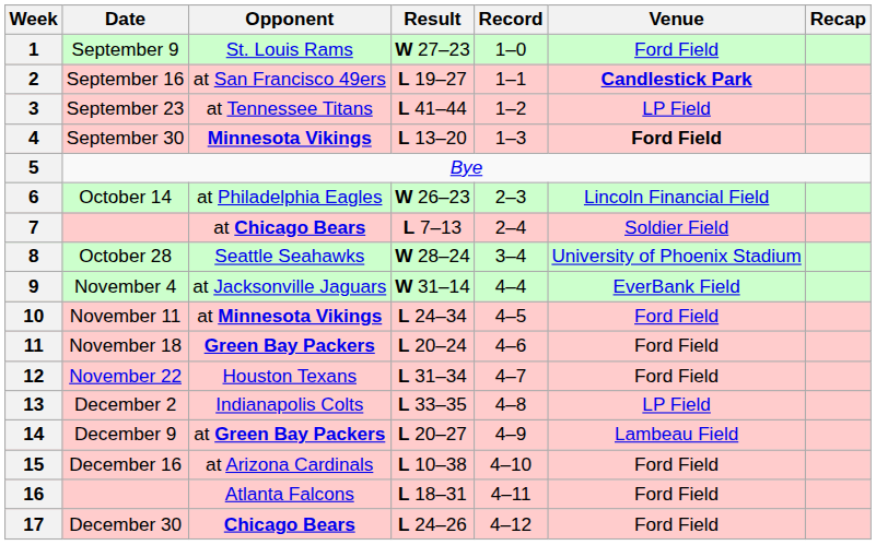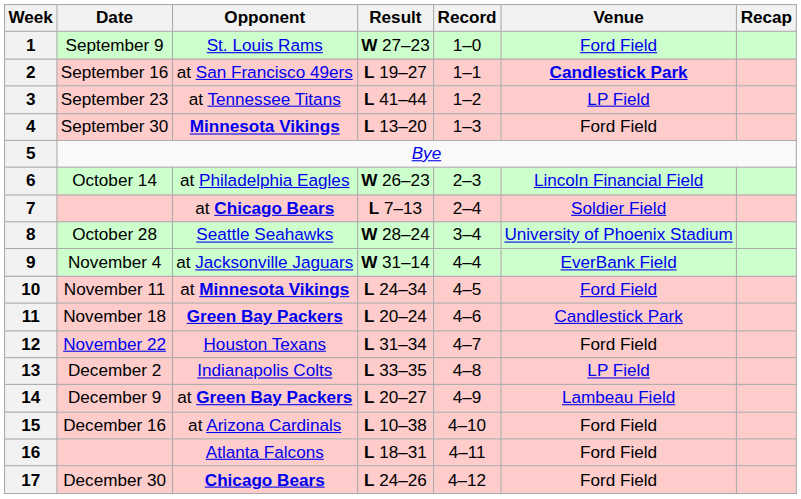 <table class="wikitable" style="text-align:center">
 <tr>
 <th>Week</th>
 <th>Date</th>
 <th>Opponent</th>
 <th>Result</th>
 <th>Record</th>
 <th>Venue</th>
 <th>Recap</th>
 </tr>
 <tr style="background:#cfc">
 <th>1</th>
 <td>September 9</td>
 <td><a href='#'>St. Louis Rams</a></td>
 <td><strong>W</strong> 27–23</td>
 <td>1–0</td>
 <td><a href='#'>Ford Field</a></td>
 <td></td>
 </tr>
 <tr style="background:#fcc">
 <th>2</th>
 <td>September 16</td>
 <td>at <a href='#'>San Francisco 49ers</a></td>
 <td><strong>L</strong> 19–27</td>
 <td>1–1</td>
 <td><strong><a href='#'>Candlestick Park</a></strong></td>
 <td></td>
 </tr>
 <tr style="background:#fcc">
 <th>3</th>
 <td>September 23</td>
 <td>at <a href='#'>Tennessee Titans</a></td>
 <td><strong>L</strong> 41–44 </td>
 <td>1–2</td>
 <td><a href='#'>LP Field</a></td>
 <td></td>
 </tr>
 <tr style="background:#fcc">
 <th>4</th>
 <td>September 30</td>
 <td><strong><a href='#'>Minnesota Vikings</a></strong></td>
 <td><strong>L</strong> 13–20</td>
 <td>1–3</td>
-<td><strong>Ford Field</strong></td>
+<td>Ford Field</td>
 <td></td>
 </tr>
 <tr>
 <th>5</th>
 <td colspan="6"><em><a href='#'>Bye</a></em></td>
 </tr>
 <tr style="background:#cfc">
 <th>6</th>
 <td>October 14</td>
 <td>at <a href='#'>Philadelphia Eagles</a></td>
 <td><strong>W</strong> 26–23 </td>
 <td>2–3</td>
 <td><a href='#'>Lincoln Financial Field</a></td>
 <td></td>
 </tr>
 <tr style="background:#fcc">
 <th>7</th>
 <td></td>
 <td>at <strong><a href='#'>Chicago Bears</a></strong></td>
 <td><strong>L</strong> 7–13</td>
 <td>2–4</td>
 <td><a href='#'>Soldier Field</a></td>
 <td></td>
 </tr>
 <tr style="background:#cfc">
 <th>8</th>
 <td>October 28</td>
 <td><a href='#'>Seattle Seahawks</a></td>
 <td><strong>W</strong> 28–24</td>
 <td>3–4</td>
 <td><a href='#'>University of Phoenix Stadium</a></td>
 <td></td>
 </tr>
 <tr style="background:#cfc">
 <th>9</th>
 <td>November 4</td>
 <td>at <a href='#'>Jacksonville Jaguars</a></td>
 <td><strong>W</strong> 31–14</td>
 <td>4–4</td>
 <td><a href='#'>EverBank Field</a></td>
 <td></td>
 </tr>
 <tr style="background:#fcc">
 <th>10</th>
 <td>November 11</td>
 <td>at <strong><a href='#'>Minnesota Vikings</a></strong></td>
 <td><strong>L</strong> 24–34</td>
 <td>4–5</td>
 <td><a href='#'>Ford Field</a></td>
 <td></td>
 </tr>
 <tr style="background:#fcc">
 <th>11</th>
 <td>November 18</td>
 <td><strong><a href='#'>Green Bay Packers</a></strong></td>
 <td><strong>L</strong> 20–24</td>
 <td>4–6</td>
-<td>Ford Field</td>
+<td><a href='#'>Candlestick Park</a></td>
 <td></td>
 </tr>
 <tr style="background:#fcc">
 <th>12</th>
 <td><a href='#'>November 22</a></td>
 <td><a href='#'>Houston Texans</a></td>
 <td><strong>L</strong> 31–34 </td>
 <td>4–7</td>
 <td>Ford Field</td>
 <td></td>
 </tr>
 <tr style="background:#fcc">
 <th>13</th>
 <td>December 2</td>
 <td><a href='#'>Indianapolis Colts</a></td>
 <td><strong>L</strong> 33–35</td>
 <td>4–8</td>
 <td><a href='#'>LP Field</a></td>
 <td></td>
 </tr>
 <tr style="background:#fcc">
 <th>14</th>
 <td>December 9</td>
 <td>at <strong><a href='#'>Green Bay Packers</a></strong></td>
 <td><strong>L</strong> 20–27</td>
 <td>4–9</td>
 <td><a href='#'>Lambeau Field</a></td>
 <td></td>
 </tr>
 <tr style="background:#fcc">
 <th>15</th>
 <td>December 16</td>
 <td>at <a href='#'>Arizona Cardinals</a></td>
 <td><strong>L</strong> 10–38</td>
 <td>4–10</td>
 <td>Ford Field</td>
 <td></td>
 </tr>
 <tr style="background:#fcc">
 <th>16</th>
 <td></td>
 <td><a href='#'>Atlanta Falcons</a></td>
 <td><strong>L</strong> 18–31</td>
 <td>4–11</td>
 <td>Ford Field</td>
 <td></td>
 </tr>
 <tr style="background:#fcc">
 <th>17</th>
 <td>December 30</td>
 <td><strong><a href='#'>Chicago Bears</a></strong></td>
 <td><strong>L</strong> 24–26</td>
 <td>4–12</td>
 <td>Ford Field</td>
 <td></td>
 </tr>
 </table>
